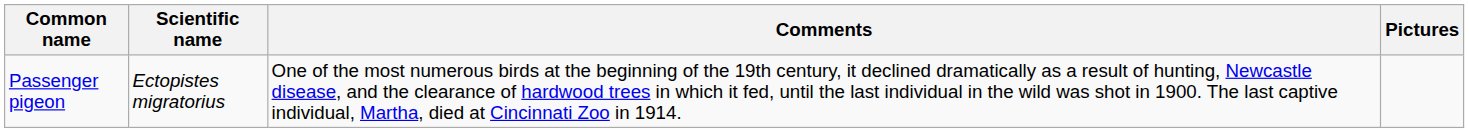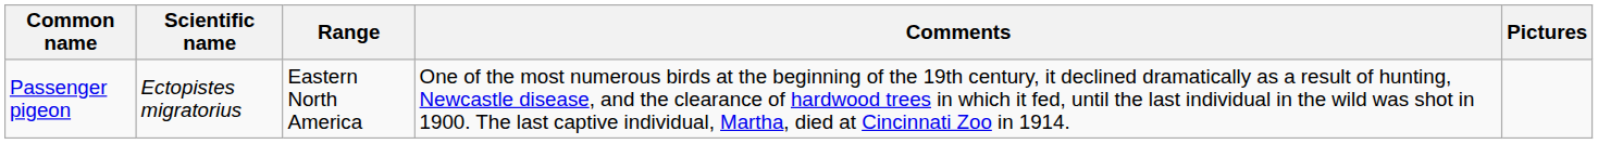 <table class="wikitable">
 <tr>
 <th>Common name</th>
 <th>Scientific name</th>
+<th>Range</th>
 <th class="unsortable">Comments</th>
 <th class="unsortable">Pictures</th>
 </tr>
 <tr>
 <td><a href='#'>Passenger pigeon</a></td>
 <td><em>Ectopistes migratorius</em></td>
+<td>Eastern North America</td>
 <td>One of the most numerous birds at the beginning of the 19th century, it declined dramatically as a result of hunting, <a href='#'>Newcastle disease</a>, and the clearance of <a href='#'>hardwood trees</a> in which it fed, until the last individual in the wild was shot in 1900. The last captive individual, <a href='#'>Martha</a>, died at <a href='#'>Cincinnati Zoo</a> in 1914.</td>
 <td></td>
 </tr>
 </table>
